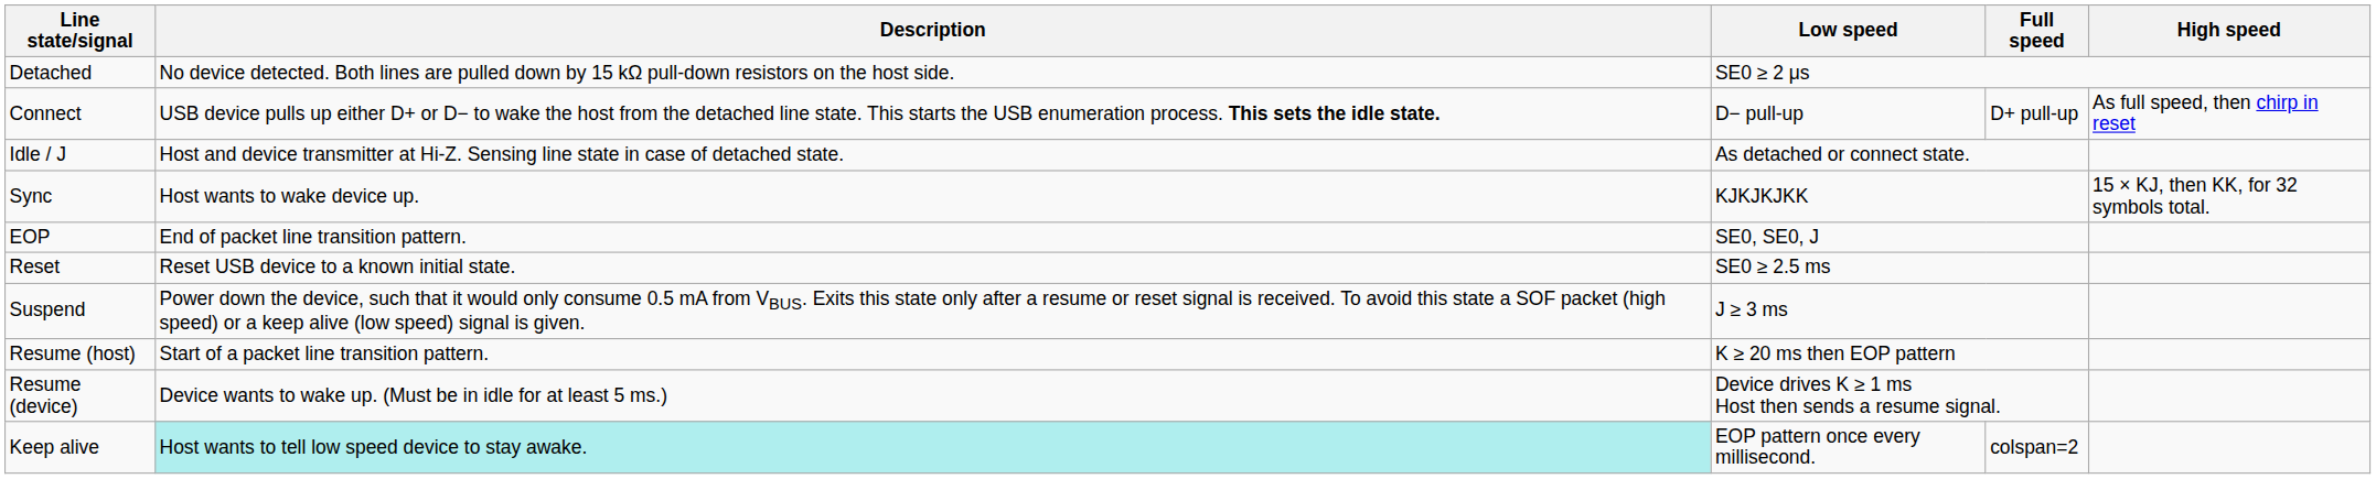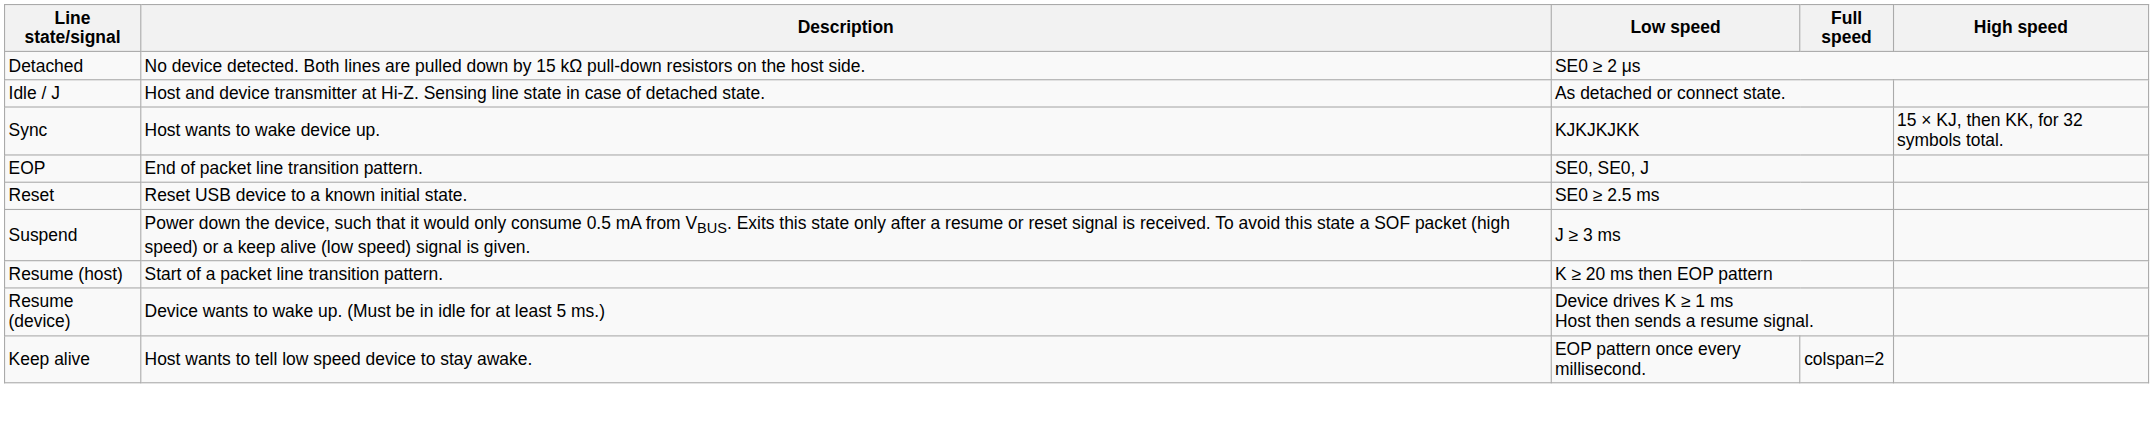 <table class="wikitable">
 <tr>
 <th>Line state/signal</th>
 <th>Description</th>
 <th>Low speed</th>
 <th>Full speed</th>
 <th>High speed</th>
 </tr>
 <tr>
 <td>Detached</td>
 <td>No device detected. Both lines are pulled down by 15 kΩ pull-down resistors on the host side.</td>
 <td colspan=3>SE0 ≥ 2 μs</td>
-</tr>
-<tr>
-<td>Connect</td>
-<td>USB device pulls up either D+ or D− to wake the host from the detached line state. This starts the USB enumeration process. <strong>This sets the idle state.</strong></td>
-<td>D− pull-up</td>
-<td style="white-space:nowrap;">D+ pull-up</td>
-<td>As full speed, then <a href='#'>chirp in reset</a></td>
 </tr>
 <tr>
 <td>Idle / J</td>
 <td>Host and device transmitter at Hi-Z. Sensing line state in case of detached state.</td>
 <td colspan=2>As detached or connect state.</td>
 <td></td>
 </tr>
 <tr>
 <td>Sync</td>
 <td>Host wants to wake device up.</td>
 <td colspan=2>KJKJKJKK</td>
 <td>15 × KJ, then KK, for 32 symbols total.</td>
 </tr>
 <tr>
 <td>EOP</td>
 <td>End of packet line transition pattern.</td>
 <td colspan=2>SE0, SE0, J</td>
 <td></td>
 </tr>
 <tr>
 <td>Reset</td>
 <td>Reset USB device to a known initial state.</td>
 <td colspan=2>SE0 ≥ 2.5 ms</td>
 <td></td>
 </tr>
 <tr>
 <td>Suspend</td>
 <td>Power down the device, such that it would only consume 0.5 mA from V<sub>BUS</sub>. Exits this state only after a resume or reset signal is received. To avoid this state a SOF packet (high speed) or a keep alive (low speed) signal is given.</td>
 <td colspan=2>J ≥ 3 ms</td>
 <td></td>
 </tr>
 <tr>
 <td>Resume (host)</td>
 <td>Start of a packet line transition pattern.</td>
 <td colspan=2>K ≥ 20 ms then EOP pattern</td>
 <td></td>
 </tr>
 <tr>
 <td>Resume (device)</td>
 <td>Device wants to wake up. (Must be in idle for at least 5 ms.)</td>
 <td colspan=2>Device drives K ≥ 1 ms<br>Host then sends a resume signal.</td>
 <td></td>
 </tr>
 <tr>
 <td>Keep alive</td>
-<td style="background: paleturquoise;">Host wants to tell low speed device to stay awake.</td>
+<td>Host wants to tell low speed device to stay awake.</td>
 <td>EOP pattern once every millisecond.</td>
 <td>colspan=2   </td>
 </tr>
 </table>
